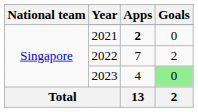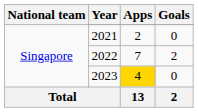 <table class="wikitable" style="text-align:center">
 <tr>
 <th>National team</th>
 <th>Year</th>
 <th>Apps</th>
 <th>Goals</th>
 </tr>
 <tr>
 <td rowspan="4"><a href='#'>Singapore</a></td>
 </tr>
 <tr>
 <td>2021</td>
-<td><strong>2</strong></td>
+<td>2</td>
 <td>0</td>
 </tr>
 <tr>
 <td>2022</td>
 <td>7</td>
 <td>2</td>
 </tr>
 <tr>
 <td>2023</td>
-<td>4</td>
-<td style="background: lightgreen;">0</td>
+<td style="background: gold;">4</td>
+<td>0</td>
 </tr>
 <tr>
 <th colspan="2">Total</th>
 <th>13</th>
 <th>2</th>
 </tr>
 </table>
